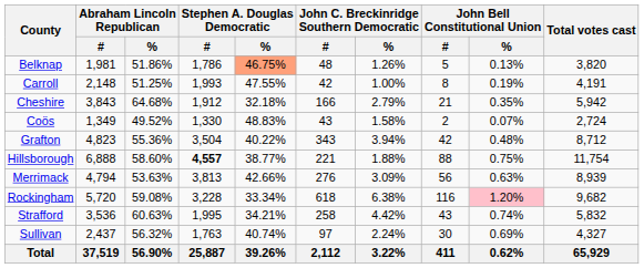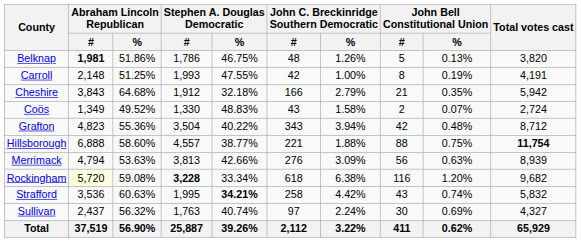 <table class="wikitable sortable">
 <tr>
 <th rowspan="2">County</th>
 <th colspan="2">Abraham Lincoln<br>Republican</th>
 <th colspan="2">Stephen A. Douglas<br>Democratic</th>
 <th colspan="2">John C. Breckinridge<br>Southern Democratic</th>
 <th colspan="2">John Bell<br>Constitutional Union</th>
 <th rowspan="2">Total votes cast</th>
 </tr>
 <tr>
 <th>#</th>
 <th>%</th>
 <th>#</th>
 <th>%</th>
 <th>#</th>
 <th>%</th>
 <th>#</th>
 <th>%</th>
 </tr>
 <tr style="text-align:center;">
 <td><a href='#'>Belknap</a></td>
-<td>1,981</td>
+<td><strong>1,981</strong></td>
 <td>51.86%</td>
 <td>1,786</td>
-<td style="background: lightsalmon;">46.75%</td>
+<td>46.75%</td>
 <td>48</td>
 <td>1.26%</td>
 <td>5</td>
 <td>0.13%</td>
 <td>3,820</td>
 </tr>
 <tr style="text-align:center;">
 <td><a href='#'>Carroll</a></td>
 <td>2,148</td>
 <td>51.25%</td>
 <td>1,993</td>
 <td>47.55%</td>
 <td>42</td>
 <td>1.00%</td>
 <td>8</td>
 <td>0.19%</td>
 <td>4,191</td>
 </tr>
 <tr style="text-align:center;">
 <td><a href='#'>Cheshire</a></td>
 <td>3,843</td>
 <td>64.68%</td>
 <td>1,912</td>
 <td>32.18%</td>
 <td>166</td>
 <td>2.79%</td>
 <td>21</td>
 <td>0.35%</td>
 <td>5,942</td>
 </tr>
 <tr style="text-align:center;">
 <td><a href='#'>Coös</a></td>
 <td>1,349</td>
 <td>49.52%</td>
 <td>1,330</td>
 <td>48.83%</td>
 <td>43</td>
 <td>1.58%</td>
 <td>2</td>
 <td>0.07%</td>
 <td>2,724</td>
 </tr>
 <tr style="text-align:center;">
 <td><a href='#'>Grafton</a></td>
 <td>4,823</td>
 <td>55.36%</td>
 <td>3,504</td>
 <td>40.22%</td>
 <td>343</td>
 <td>3.94%</td>
 <td>42</td>
 <td>0.48%</td>
 <td>8,712</td>
 </tr>
 <tr style="text-align:center;">
 <td><a href='#'>Hillsborough</a></td>
 <td>6,888</td>
 <td>58.60%</td>
-<td><strong>4,557</strong></td>
+<td>4,557</td>
 <td>38.77%</td>
 <td>221</td>
 <td>1.88%</td>
 <td>88</td>
 <td>0.75%</td>
-<td>11,754</td>
+<td><strong>11,754</strong></td>
 </tr>
 <tr style="text-align:center;">
 <td><a href='#'>Merrimack</a></td>
 <td>4,794</td>
 <td>53.63%</td>
 <td>3,813</td>
 <td>42.66%</td>
 <td>276</td>
 <td>3.09%</td>
 <td>56</td>
 <td>0.63%</td>
 <td>8,939</td>
 </tr>
 <tr style="text-align:center;">
 <td><a href='#'>Rockingham</a></td>
-<td>5,720</td>
+<td style="background: lightyellow;">5,720</td>
 <td>59.08%</td>
-<td>3,228</td>
+<td><strong>3,228</strong></td>
 <td>33.34%</td>
 <td>618</td>
 <td>6.38%</td>
 <td>116</td>
-<td style="background: pink;">1.20%</td>
+<td>1.20%</td>
 <td>9,682</td>
 </tr>
 <tr style="text-align:center;">
 <td><a href='#'>Strafford</a></td>
 <td>3,536</td>
 <td>60.63%</td>
 <td>1,995</td>
-<td>34.21%</td>
+<td><strong>34.21%</strong></td>
 <td>258</td>
 <td>4.42%</td>
 <td>43</td>
 <td>0.74%</td>
 <td>5,832</td>
 </tr>
 <tr style="text-align:center;">
 <td><a href='#'>Sullivan</a></td>
 <td>2,437</td>
 <td>56.32%</td>
 <td>1,763</td>
 <td>40.74%</td>
 <td>97</td>
 <td>2.24%</td>
 <td>30</td>
 <td>0.69%</td>
 <td>4,327</td>
 </tr>
 <tr style="text-align:center;">
 <th>Total</th>
 <th>37,519</th>
 <th>56.90%</th>
 <th>25,887</th>
 <th>39.26%</th>
 <th>2,112</th>
 <th>3.22%</th>
 <th>411</th>
 <th>0.62%</th>
 <th>65,929</th>
 </tr>
 </table>
